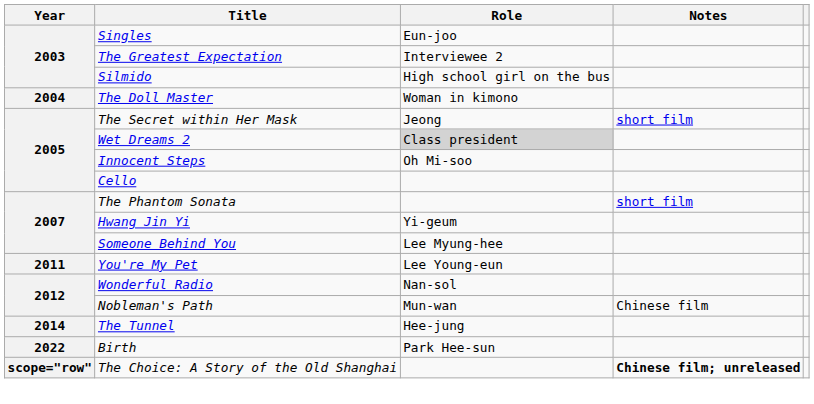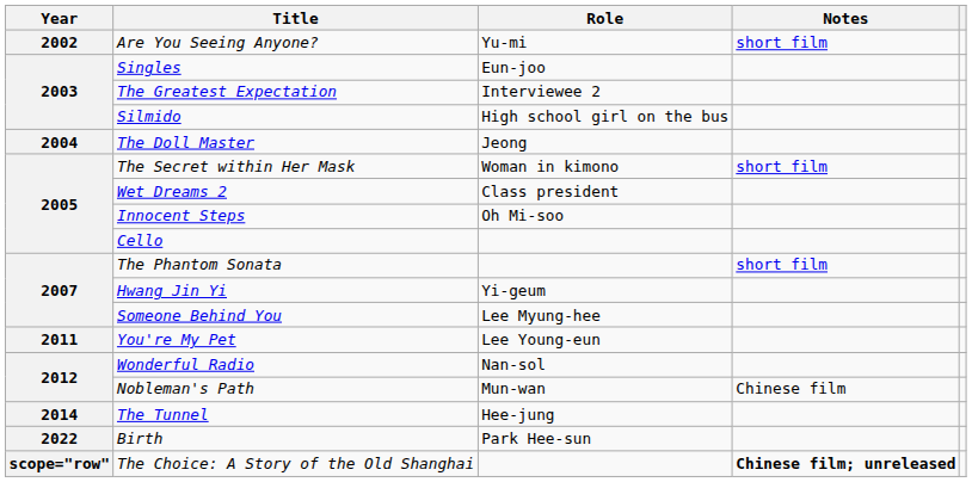 <table class="wikitable plainrowheaders sortable">
 <tr>
 <th scope="col">Year</th>
 <th scope="col">Title</th>
 <th scope="col">Role</th>
 <th scope="col">Notes</th>
 <th scope="col" class="unsortable"></th>
+</tr>
+<tr>
+<th scope="row">2002</th>
+<td><em>Are You Seeing Anyone?</em></td>
+<td>Yu-mi</td>
+<td><a href='#'>short film</a></td>
+<td style="text-align:center"></td>
 </tr>
 <tr>
 <th scope="row" rowspan="3">2003</th>
 <td><em><a href='#'>Singles</a></em></td>
 <td>Eun-joo</td>
 <td></td>
 <td style="text-align:center"></td>
 </tr>
 <tr>
 <td><em><a href='#'>The Greatest Expectation</a></em></td>
 <td>Interviewee 2</td>
 <td></td>
 <td style="text-align:center"></td>
 </tr>
 <tr>
 <td><em><a href='#'>Silmido</a></em></td>
 <td>High school girl on the bus</td>
 <td></td>
 <td style="text-align:center"></td>
 </tr>
 <tr>
 <th scope="row">2004</th>
 <td><em><a href='#'>The Doll Master</a></em></td>
-<td>Woman in kimono</td>
+<td>Jeong</td>
 <td></td>
 <td style="text-align:center"></td>
 </tr>
 <tr>
 <th scope="row" rowspan="4">2005</th>
 <td><em>The Secret within Her Mask</em></td>
-<td>Jeong</td>
+<td>Woman in kimono</td>
 <td><a href='#'>short film</a></td>
 <td style="text-align:center"></td>
 </tr>
 <tr>
 <td><em><a href='#'>Wet Dreams 2</a></em></td>
-<td style="background: lightgrey;">Class president</td>
+<td>Class president</td>
 <td></td>
 <td style="text-align:center"></td>
 </tr>
 <tr>
 <td><em><a href='#'>Innocent Steps</a></em></td>
 <td>Oh Mi-soo</td>
 <td></td>
 <td style="text-align:center"></td>
 </tr>
 <tr>
 <td><em><a href='#'>Cello</a></em></td>
 <td></td>
 <td></td>
 <td style="text-align:center"></td>
 </tr>
 <tr>
 <th scope="row" rowspan="3">2007</th>
 <td><em>The Phantom Sonata</em></td>
 <td></td>
 <td><a href='#'>short film</a></td>
 <td style="text-align:center"></td>
 </tr>
 <tr>
 <td><em><a href='#'>Hwang Jin Yi</a></em></td>
 <td>Yi-geum</td>
 <td></td>
 <td style="text-align:center"></td>
 </tr>
 <tr>
 <td><em><a href='#'>Someone Behind You</a></em></td>
 <td>Lee Myung-hee</td>
 <td></td>
 <td style="text-align:center"></td>
 </tr>
 <tr>
 <th scope="row">2011</th>
 <td><em><a href='#'>You're My Pet</a></em></td>
 <td>Lee Young-eun</td>
 <td></td>
 <td style="text-align:center"></td>
 </tr>
 <tr>
 <th scope="row" rowspan="2">2012</th>
 <td><em><a href='#'>Wonderful Radio</a></em></td>
 <td>Nan-sol</td>
 <td></td>
 <td style="text-align:center"></td>
 </tr>
 <tr>
 <td><em>Nobleman's Path</em></td>
 <td>Mun-wan</td>
 <td>Chinese film</td>
 <td></td>
 </tr>
 <tr>
 <th scope="row">2014</th>
 <td><em><a href='#'>The Tunnel</a></em></td>
 <td>Hee-jung</td>
 <td></td>
 <td style="text-align:center"></td>
 </tr>
 <tr>
 <th scope="row">2022</th>
 <td><em>Birth</em></td>
 <td>Park Hee-sun</td>
 <td></td>
 <td style="text-align:center"></td>
 </tr>
 <tr>
 <th>scope="row" </th>
 <td><em>The Choice: A Story of the Old Shanghai</em></td>
 <td></td>
 <td><strong>Chinese film; unreleased</strong></td>
 <td style="text-align:center"></td>
 </tr>
 </table>
